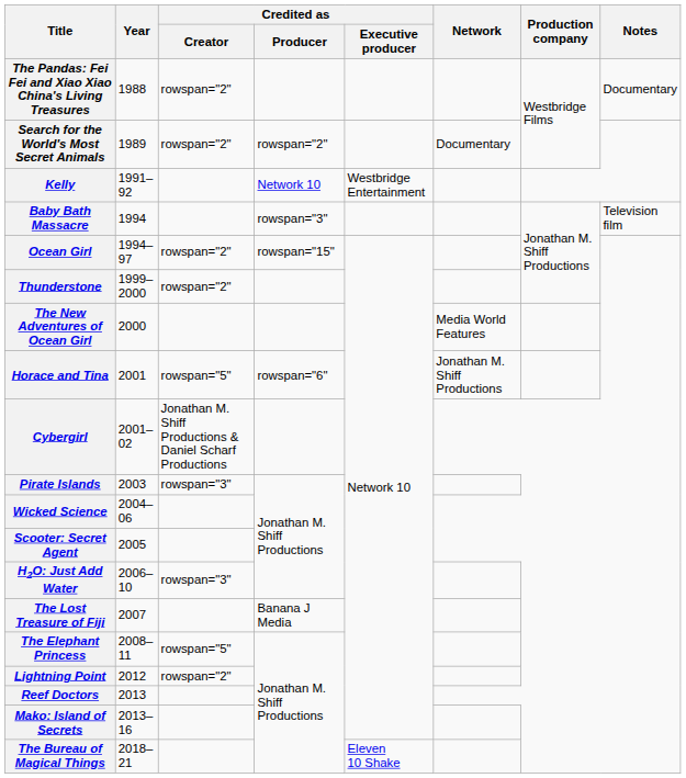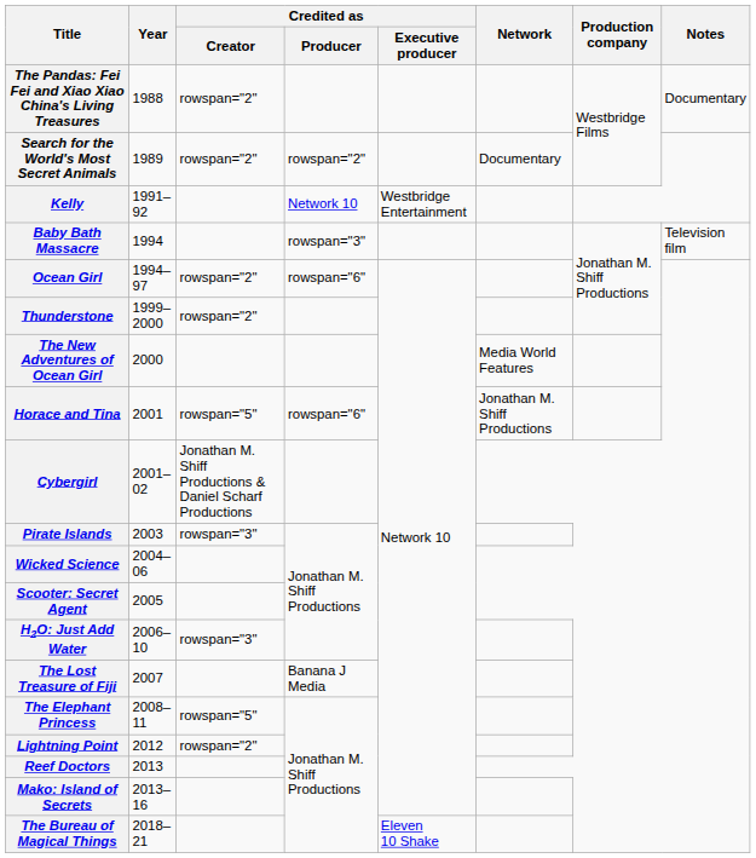 <table class="wikitable plainrowheaders sortable">
 <tr>
 <th rowspan="2" scope="col">Title</th>
 <th rowspan="2" scope="col">Year</th>
 <th colspan="3" scope="col">Credited as</th>
 <th rowspan="2" scope="col">Network</th>
 <th rowspan="2" scope="col">Production company</th>
 <th rowspan="2" scope="col" class="unsortable">Notes</th>
 </tr>
 <tr>
 <th>Creator</th>
 <th>Producer</th>
 <th>Executive<br>producer</th>
 </tr>
 <tr>
 <th scope=row><em>The Pandas: Fei Fei and Xiao Xiao China's Living Treasures</em></th>
 <td>1988</td>
 <td>rowspan="2" </td>
 <td></td>
 <td></td>
 <td></td>
 <td rowspan="2">Westbridge Films</td>
 <td>Documentary</td>
 </tr>
 <tr>
 <th scope=row><em>Search for the World's Most Secret Animals</em></th>
 <td>1989</td>
 <td>rowspan="2" </td>
 <td>rowspan="2" </td>
 <td></td>
 <td>Documentary</td>
 </tr>
 <tr>
 <th scope=row><em><a href='#'>Kelly</a></em></th>
 <td>1991–92</td>
 <td></td>
 <td><a href='#'>Network 10</a></td>
 <td>Westbridge Entertainment</td>
 <td></td>
 </tr>
 <tr>
 <th scope=row><em><a href='#'>Baby Bath Massacre</a></em></th>
 <td>1994</td>
 <td></td>
 <td>rowspan="3" </td>
 <td></td>
 <td></td>
 <td rowspan="3">Jonathan M. Shiff Productions</td>
 <td>Television film</td>
 </tr>
 <tr>
 <th scope=row><em><a href='#'>Ocean Girl</a></em></th>
 <td>1994–97</td>
 <td>rowspan="2" </td>
-<td>rowspan="15" </td>
+<td>rowspan="6" </td>
 <td rowspan="14">Network 10</td>
 <td></td>
 </tr>
 <tr>
 <th scope=row><em><a href='#'>Thunderstone</a></em></th>
 <td>1999–2000</td>
 <td>rowspan="2" </td>
 </tr>
 <tr>
 <th scope=row><em><a href='#'>The New Adventures of Ocean Girl</a></em></th>
 <td>2000</td>
 <td></td>
 <td></td>
 <td>Media World Features</td>
 <td></td>
 </tr>
 <tr>
 <th scope=row><em><a href='#'>Horace and Tina</a></em></th>
 <td>2001</td>
 <td>rowspan="5" </td>
 <td>rowspan="6" </td>
 <td>Jonathan M. Shiff Productions</td>
 <td></td>
 </tr>
 <tr>
 <th scope=row><em><a href='#'>Cybergirl</a></em></th>
 <td>2001–02</td>
 <td>Jonathan M. Shiff Productions & Daniel Scharf Productions</td>
 <td></td>
 </tr>
 <tr>
 <th scope=row><em><a href='#'>Pirate Islands</a></em></th>
 <td>2003</td>
 <td>rowspan="3" </td>
 <td rowspan="4">Jonathan M. Shiff Productions</td>
 <td></td>
 </tr>
 <tr>
 <th scope=row><em><a href='#'>Wicked Science</a></em></th>
 <td>2004–06</td>
 <td></td>
 </tr>
 <tr>
 <th scope=row><em><a href='#'>Scooter: Secret Agent</a></em></th>
 <td>2005</td>
 <td></td>
 </tr>
 <tr>
 <th scope=row><em><a href='#'>H<sub>2</sub>O: Just Add Water</a></em></th>
 <td>2006–10</td>
 <td>rowspan="3" </td>
 <td></td>
 </tr>
 <tr>
 <th scope=row><em><a href='#'>The Lost Treasure of Fiji</a></em></th>
 <td>2007</td>
 <td></td>
 <td>Banana J Media</td>
 <td></td>
 </tr>
 <tr>
 <th scope=row><em><a href='#'>The Elephant Princess</a></em></th>
 <td>2008–11</td>
 <td>rowspan="5" </td>
 <td rowspan="5">Jonathan M. Shiff Productions</td>
 <td></td>
 </tr>
 <tr>
 <th scope=row><em><a href='#'>Lightning Point</a></em></th>
 <td>2012</td>
 <td>rowspan="2" </td>
 <td></td>
 </tr>
 <tr>
 <th scope=row><em><a href='#'>Reef Doctors</a></em></th>
 <td>2013</td>
 <td></td>
 </tr>
 <tr>
 <th scope=row><em><a href='#'>Mako: Island of Secrets</a></em></th>
 <td>2013–16</td>
 <td></td>
 <td></td>
 </tr>
 <tr>
 <th scope=row><em><a href='#'>The Bureau of Magical Things</a></em></th>
 <td>2018–21</td>
 <td></td>
 <td><a href='#'>Eleven</a><br><a href='#'>10 Shake</a></td>
 <td></td>
 </tr>
 </table>
